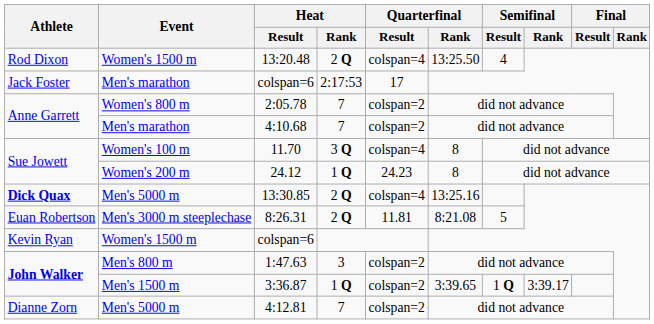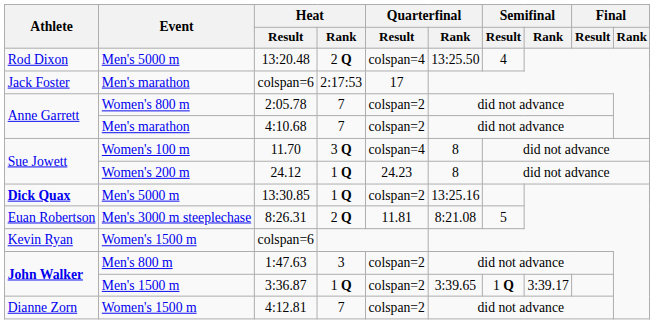 <table class=wikitable style=font-size:90%>
 <tr>
 <th rowspan=2>Athlete</th>
 <th rowspan=2>Event</th>
 <th colspan=2>Heat</th>
 <th colspan=2>Quarterfinal</th>
 <th colspan=2>Semifinal</th>
 <th colspan=2>Final</th>
 </tr>
 <tr style=font-size:95%>
 <th>Result</th>
 <th>Rank</th>
 <th>Result</th>
 <th>Rank</th>
 <th>Result</th>
 <th>Rank</th>
 <th>Result</th>
 <th>Rank</th>
 </tr>
 <tr align=center>
 <td align=left><a href='#'>Rod Dixon</a></td>
-<td align=left><a href='#'>Women's 1500 m</a></td>
+<td align=left><a href='#'>Men's 5000 m</a></td>
 <td>13:20.48</td>
 <td>2 <strong>Q</strong></td>
 <td>colspan=4 </td>
 <td>13:25.50</td>
 <td>4</td>
 </tr>
 <tr align=center>
 <td align=left><a href='#'>Jack Foster</a></td>
 <td align=left><a href='#'>Men's marathon</a></td>
 <td>colspan=6 </td>
 <td>2:17:53</td>
 <td>17</td>
 </tr>
 <tr align=center>
 <td align=left rowspan=2><a href='#'>Anne Garrett</a></td>
 <td align=left><a href='#'>Women's 800 m</a></td>
 <td>2:05.78</td>
 <td>7</td>
 <td>colspan=2 </td>
 <td colspan=4>did not advance</td>
 </tr>
 <tr align=center>
 <td align=left><a href='#'>Men's marathon</a></td>
 <td>4:10.68</td>
 <td>7</td>
 <td>colspan=2 </td>
 <td colspan=4>did not advance</td>
 </tr>
 <tr align=center>
 <td align=left rowspan=2><a href='#'>Sue Jowett</a></td>
 <td align=left><a href='#'>Women's 100 m</a></td>
 <td>11.70</td>
 <td>3 <strong>Q</strong></td>
 <td>colspan=4 </td>
 <td>8</td>
 <td colspan=4>did not advance</td>
 </tr>
 <tr align=center>
 <td align=left><a href='#'>Women's 200 m</a></td>
 <td>24.12</td>
 <td>1 <strong>Q</strong></td>
 <td>24.23</td>
 <td>8</td>
 <td colspan=4>did not advance</td>
 </tr>
 <tr align=center>
 <td align=left><strong><a href='#'>Dick Quax</a></strong></td>
 <td align=left><a href='#'>Men's 5000 m</a></td>
 <td>13:30.85</td>
-<td>2 <strong>Q</strong></td>
-<td>colspan=4 </td>
+<td>1 <strong>Q</strong></td>
+<td>colspan=2 </td>
 <td>13:25.16</td>
 <td></td>
 </tr>
 <tr align=center>
 <td align=left><a href='#'>Euan Robertson</a></td>
 <td align=left><a href='#'>Men's 3000 m steeplechase</a></td>
 <td>8:26.31</td>
 <td>2 <strong>Q</strong></td>
 <td>11.81</td>
 <td>8:21.08</td>
 <td>5</td>
 </tr>
 <tr align=center>
 <td align=left><a href='#'>Kevin Ryan</a></td>
 <td align=left><a href='#'>Women's 1500 m</a></td>
 <td>colspan=6 </td>
 <td colspan=2></td>
 </tr>
 <tr align=center>
 <td align=left rowspan=2><strong><a href='#'>John Walker</a></strong></td>
 <td align=left><a href='#'>Men's 800 m</a></td>
 <td>1:47.63</td>
 <td>3</td>
 <td>colspan=2 </td>
 <td colspan=4>did not advance</td>
 </tr>
 <tr align=center>
 <td align=left><a href='#'>Men's 1500 m</a></td>
 <td>3:36.87</td>
 <td>1 <strong>Q</strong></td>
 <td>colspan=2 </td>
 <td>3:39.65</td>
 <td>1 <strong>Q</strong></td>
 <td>3:39.17</td>
 <td></td>
 </tr>
 <tr align=center>
 <td align=left><a href='#'>Dianne Zorn</a></td>
-<td align=left><a href='#'>Men's 5000 m</a></td>
+<td align=left><a href='#'>Women's 1500 m</a></td>
 <td>4:12.81</td>
 <td>7</td>
 <td>colspan=2 </td>
 <td colspan=4>did not advance</td>
 </tr>
 </table>
